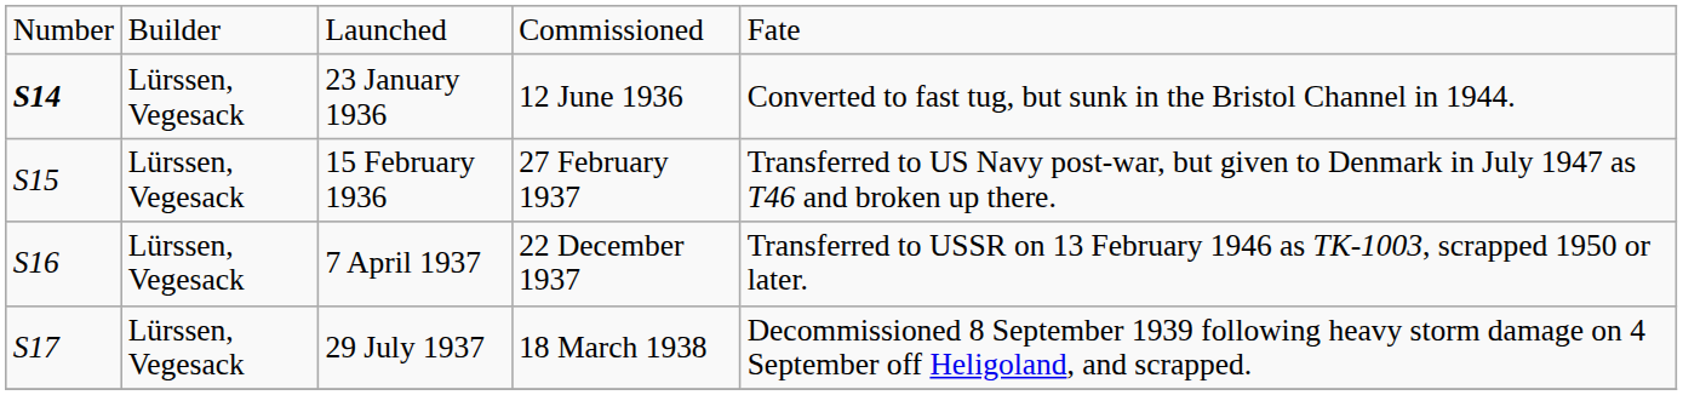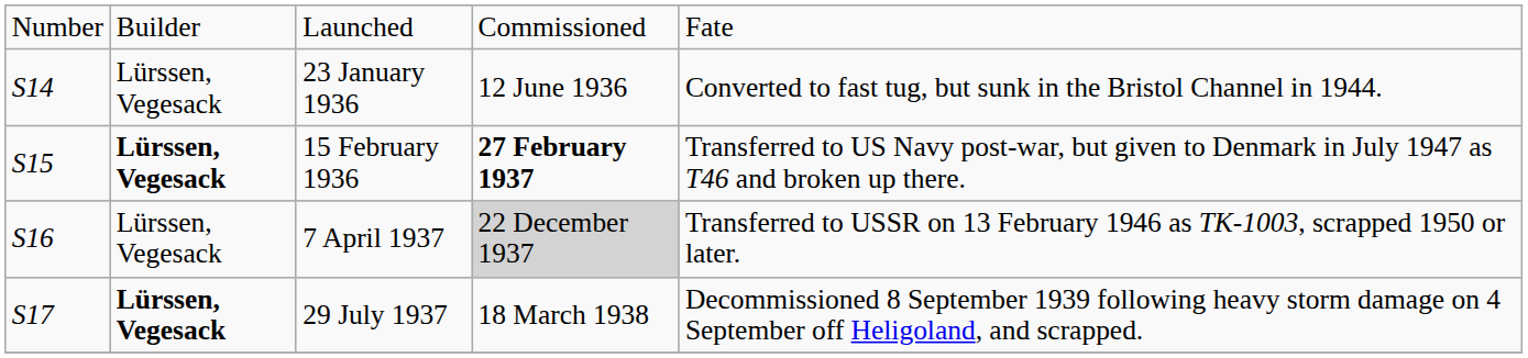 <table class="wikitable" style="text-align:left">
 <tr>
 <td>Number</td>
 <td>Builder</td>
 <td>Launched</td>
 <td>Commissioned</td>
 <td>Fate</td>
 </tr>
 <tr>
-<td><strong><em>S14</em></strong></td>
+<td><em>S14</em></td>
 <td>Lürssen, Vegesack</td>
 <td>23 January 1936</td>
 <td>12 June 1936</td>
 <td>Converted to fast tug, but sunk in the Bristol Channel in 1944.</td>
 </tr>
 <tr>
 <td><em>S15</em></td>
-<td>Lürssen, Vegesack</td>
+<td><strong>Lürssen, Vegesack</strong></td>
 <td>15 February 1936</td>
-<td>27 February 1937</td>
+<td><strong>27 February 1937</strong></td>
 <td>Transferred to US Navy post-war, but given to Denmark in July 1947 as <em>T46</em> and broken up there.</td>
 </tr>
 <tr>
 <td><em>S16</em></td>
 <td>Lürssen, Vegesack</td>
 <td>7 April 1937</td>
-<td>22 December 1937</td>
+<td style="background: lightgrey;">22 December 1937</td>
 <td>Transferred to USSR on 13 February 1946 as <em>TK-1003</em>, scrapped 1950 or later.</td>
 </tr>
 <tr>
 <td><em>S17</em></td>
-<td>Lürssen, Vegesack</td>
+<td><strong>Lürssen, Vegesack</strong></td>
 <td>29 July 1937</td>
 <td>18 March 1938</td>
 <td>Decommissioned 8 September 1939 following heavy storm damage on 4 September off <a href='#'>Heligoland</a>, and scrapped.</td>
 </tr>
 <tr>
 </tr>
 </table>
